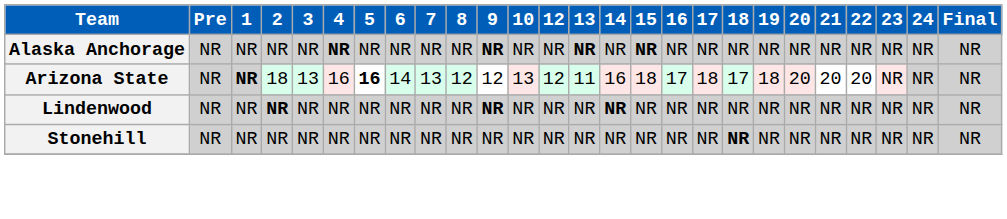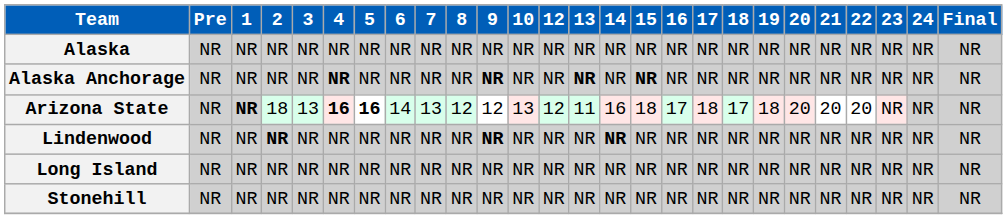 <table class="wikitable sortable" style="text-align: center;">
 <tr>
 <th style="color:white; background:#005EB8">Team</th>
 <th style="color:white; background:#005EB8">Pre</th>
 <th style="color:white; background:#005EB8">1</th>
 <th style="color:white; background:#005EB8">2</th>
 <th style="color:white; background:#005EB8">3</th>
 <th style="color:white; background:#005EB8">4</th>
 <th style="color:white; background:#005EB8">5</th>
 <th style="color:white; background:#005EB8">6</th>
 <th style="color:white; background:#005EB8">7</th>
 <th style="color:white; background:#005EB8">8</th>
 <th style="color:white; background:#005EB8">9</th>
 <th style="color:white; background:#005EB8">10</th>
 <th style="color:white; background:#005EB8">12</th>
 <th style="color:white; background:#005EB8">13</th>
 <th style="color:white; background:#005EB8">14</th>
 <th style="color:white; background:#005EB8">15</th>
 <th style="color:white; background:#005EB8">16</th>
 <th style="color:white; background:#005EB8">17</th>
 <th style="color:white; background:#005EB8">18</th>
 <th style="color:white; background:#005EB8">19</th>
 <th style="color:white; background:#005EB8">20</th>
 <th style="color:white; background:#005EB8">21</th>
 <th style="color:white; background:#005EB8">22</th>
 <th style="color:white; background:#005EB8">23</th>
 <th style="color:white; background:#005EB8">24</th>
 <th style="color:white; background:#005EB8">Final</th>
+</tr>
+<tr bgcolor=d0d0d0>
+<th>Alaska</th>
+<td>NR</td>
+<td>NR</td>
+<td>NR</td>
+<td>NR</td>
+<td>NR</td>
+<td>NR</td>
+<td>NR</td>
+<td>NR</td>
+<td>NR</td>
+<td>NR</td>
+<td>NR</td>
+<td>NR</td>
+<td>NR</td>
+<td>NR</td>
+<td>NR</td>
+<td>NR</td>
+<td>NR</td>
+<td>NR</td>
+<td>NR</td>
+<td>NR</td>
+<td>NR</td>
+<td>NR</td>
+<td>NR</td>
+<td>NR</td>
+<td>NR</td>
 </tr>
 <tr bgcolor=d0d0d0>
 <th>Alaska Anchorage</th>
 <td>NR</td>
 <td>NR</td>
 <td>NR</td>
 <td>NR</td>
 <td><strong>NR</strong></td>
 <td>NR</td>
 <td>NR</td>
 <td>NR</td>
 <td>NR</td>
 <td><strong>NR</strong></td>
 <td>NR</td>
 <td>NR</td>
 <td><strong>NR</strong></td>
 <td>NR</td>
 <td><strong>NR</strong></td>
 <td>NR</td>
 <td>NR</td>
 <td>NR</td>
 <td>NR</td>
 <td>NR</td>
 <td>NR</td>
 <td>NR</td>
 <td>NR</td>
 <td>NR</td>
 <td>NR</td>
 </tr>
 <tr bgcolor=d0d0d0>
 <th>Arizona State</th>
 <td>NR</td>
 <td><strong>NR</strong></td>
 <td bgcolor=D8FFEB>18</td>
 <td bgcolor=D8FFEB>13</td>
-<td bgcolor=FFE6E6>16</td>
+<td bgcolor=FFE6E6><strong>16</strong></td>
 <td bgcolor=ffffff><strong>16</strong></td>
 <td bgcolor=D8FFEB>14</td>
 <td bgcolor=D8FFEB>13</td>
 <td bgcolor=D8FFEB>12</td>
 <td bgcolor=ffffff>12</td>
 <td bgcolor=FFE6E6>13</td>
 <td bgcolor=D8FFEB>12</td>
 <td bgcolor=D8FFEB>11</td>
 <td bgcolor=FFE6E6>16</td>
 <td bgcolor=FFE6E6>18</td>
 <td bgcolor=D8FFEB>17</td>
 <td bgcolor=FFE6E6>18</td>
 <td bgcolor=D8FFEB>17</td>
 <td bgcolor=FFE6E6>18</td>
 <td bgcolor=FFE6E6>20</td>
 <td bgcolor=ffffff>20</td>
 <td bgcolor=ffffff>20</td>
 <td bgcolor=FFE6E6>NR</td>
 <td>NR</td>
 <td>NR</td>
 </tr>
 <tr bgcolor=d0d0d0>
 <th>Lindenwood</th>
 <td>NR</td>
 <td>NR</td>
 <td><strong>NR</strong></td>
 <td>NR</td>
 <td>NR</td>
 <td>NR</td>
 <td>NR</td>
 <td>NR</td>
 <td>NR</td>
 <td><strong>NR</strong></td>
 <td>NR</td>
 <td>NR</td>
 <td>NR</td>
 <td><strong>NR</strong></td>
 <td>NR</td>
 <td>NR</td>
 <td>NR</td>
 <td>NR</td>
 <td>NR</td>
 <td>NR</td>
 <td>NR</td>
 <td>NR</td>
 <td>NR</td>
 <td>NR</td>
 <td>NR</td>
 </tr>
 <tr bgcolor=d0d0d0>
+<th>Long Island</th>
+<td>NR</td>
+<td>NR</td>
+<td>NR</td>
+<td>NR</td>
+<td>NR</td>
+<td>NR</td>
+<td>NR</td>
+<td>NR</td>
+<td>NR</td>
+<td>NR</td>
+<td>NR</td>
+<td>NR</td>
+<td>NR</td>
+<td>NR</td>
+<td>NR</td>
+<td>NR</td>
+<td>NR</td>
+<td>NR</td>
+<td>NR</td>
+<td>NR</td>
+<td>NR</td>
+<td>NR</td>
+<td>NR</td>
+<td>NR</td>
+<td>NR</td>
+</tr>
+<tr bgcolor=d0d0d0>
 <th>Stonehill</th>
 <td>NR</td>
 <td>NR</td>
 <td>NR</td>
 <td>NR</td>
 <td>NR</td>
 <td>NR</td>
 <td>NR</td>
 <td>NR</td>
 <td>NR</td>
 <td>NR</td>
 <td>NR</td>
 <td>NR</td>
 <td>NR</td>
 <td>NR</td>
 <td>NR</td>
 <td>NR</td>
 <td>NR</td>
-<td><strong>NR</strong></td>
+<td>NR</td>
 <td>NR</td>
 <td>NR</td>
 <td>NR</td>
 <td>NR</td>
 <td>NR</td>
 <td>NR</td>
 <td>NR</td>
 </tr>
 <tr>
 </tr>
 </table>
